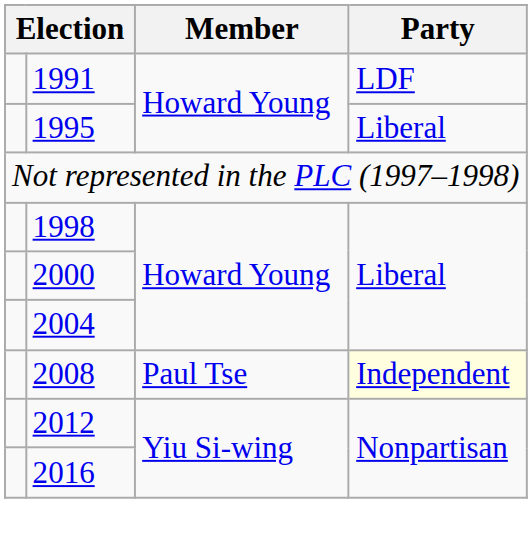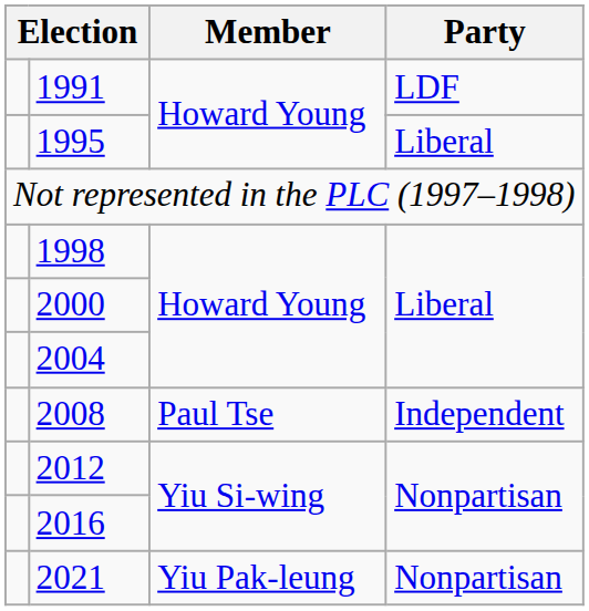 <table class="wikitable">
 <tr>
 <th colspan="2">Election</th>
 <th>Member</th>
 <th>Party</th>
 </tr>
 <tr>
 <td style="background-color: "></td>
 <td><a href='#'>1991</a></td>
 <td rowspan=2><a href='#'>Howard Young</a></td>
 <td><a href='#'>LDF</a></td>
 </tr>
 <tr>
 <td style="background-color: "></td>
 <td><a href='#'>1995</a></td>
 <td><a href='#'>Liberal</a></td>
 </tr>
 <tr>
 <td colspan="4"><em>Not represented in the <a href='#'>PLC</a> (1997–1998)</em></td>
 </tr>
 <tr>
 <td style="background-color: "></td>
 <td><a href='#'>1998</a></td>
 <td rowspan=3><a href='#'>Howard Young</a></td>
 <td rowspan=3><a href='#'>Liberal</a></td>
 </tr>
 <tr>
 <td style="background-color: "></td>
 <td><a href='#'>2000</a></td>
 </tr>
 <tr>
 <td style="background-color: "></td>
 <td><a href='#'>2004</a></td>
 </tr>
 <tr>
 <td style="background-color: "></td>
 <td><a href='#'>2008</a></td>
 <td><a href='#'>Paul Tse</a></td>
-<td style="background: lightyellow;"><a href='#'>Independent</a></td>
+<td><a href='#'>Independent</a></td>
 </tr>
 <tr>
 <td style="background-color: "></td>
 <td><a href='#'>2012</a></td>
 <td rowspan=2><a href='#'>Yiu Si-wing</a></td>
 <td rowspan=2><a href='#'>Nonpartisan</a></td>
 </tr>
 <tr>
 <td style="background-color: "></td>
 <td><a href='#'>2016</a></td>
 </tr>
+<tr>
+<td style="background-color: "></td>
+<td><a href='#'>2021</a></td>
+<td><a href='#'>Yiu Pak-leung</a></td>
+<td><a href='#'>Nonpartisan</a></td>
+</tr>
 </table>
